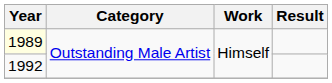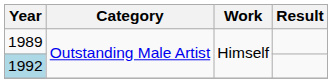 <table class="wikitable">
 <tr>
 <th>Year</th>
 <th>Category</th>
 <th>Work</th>
 <th>Result</th>
 </tr>
 <tr>
-<td style="background: lightyellow;">1989</td>
+<td>1989</td>
 <td rowspan="2"><a href='#'>Outstanding Male Artist</a></td>
 <td rowspan="2">Himself</td>
 <td></td>
 </tr>
 <tr>
-<td>1992</td>
+<td style="background: lightblue;">1992</td>
 <td></td>
 </tr>
 <tr>
 </tr>
 </table>
